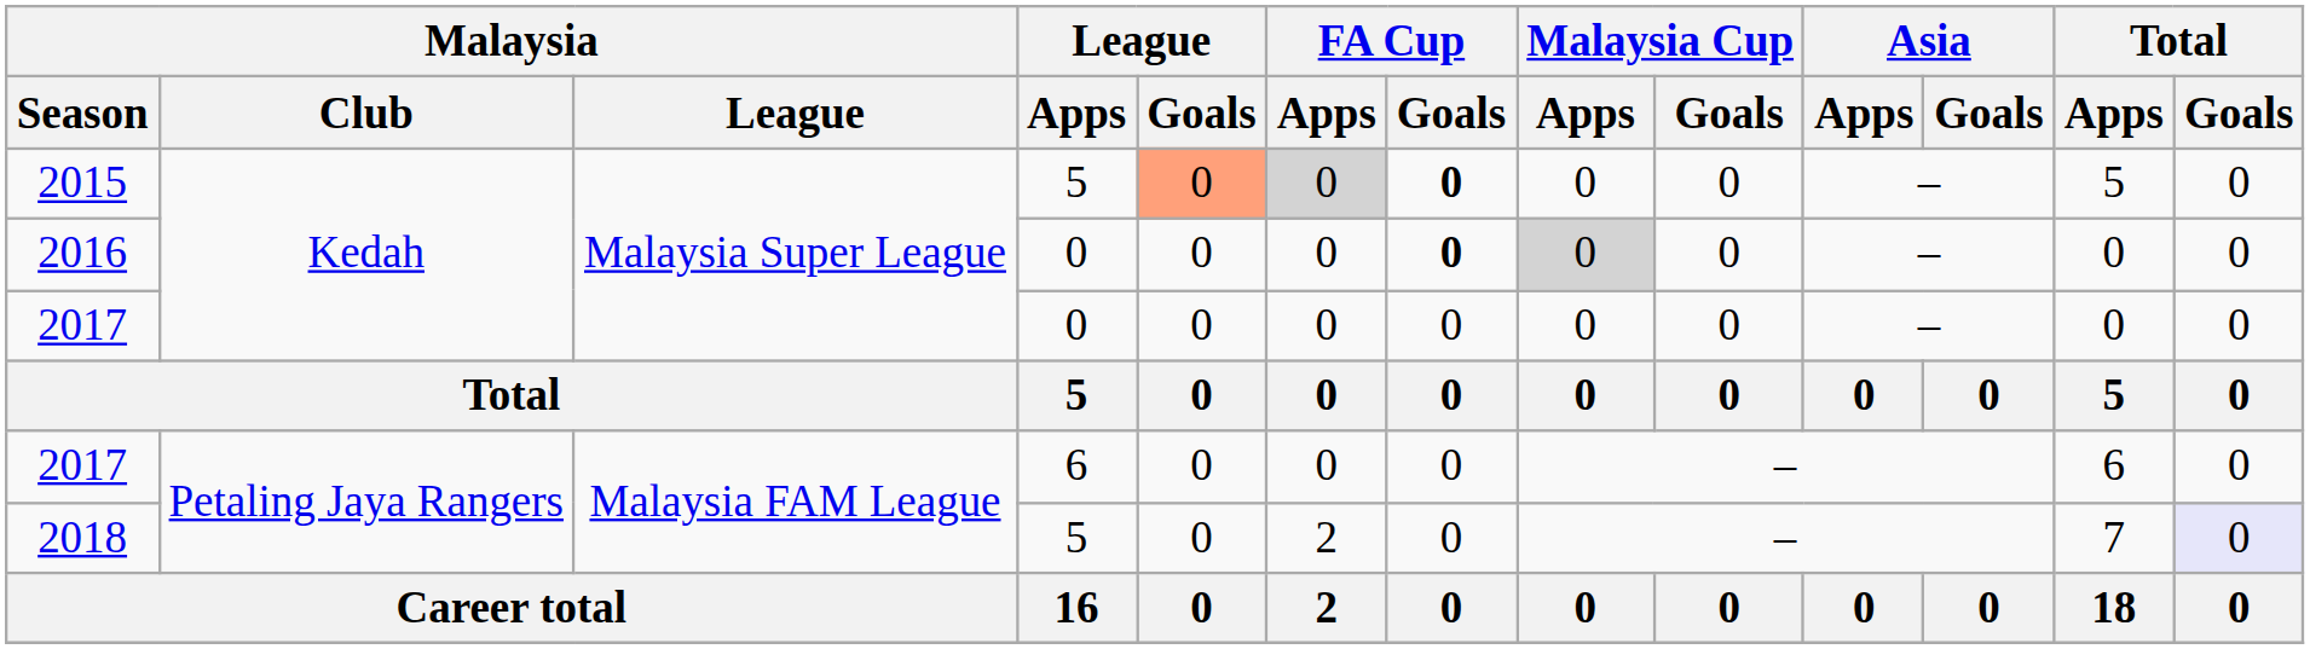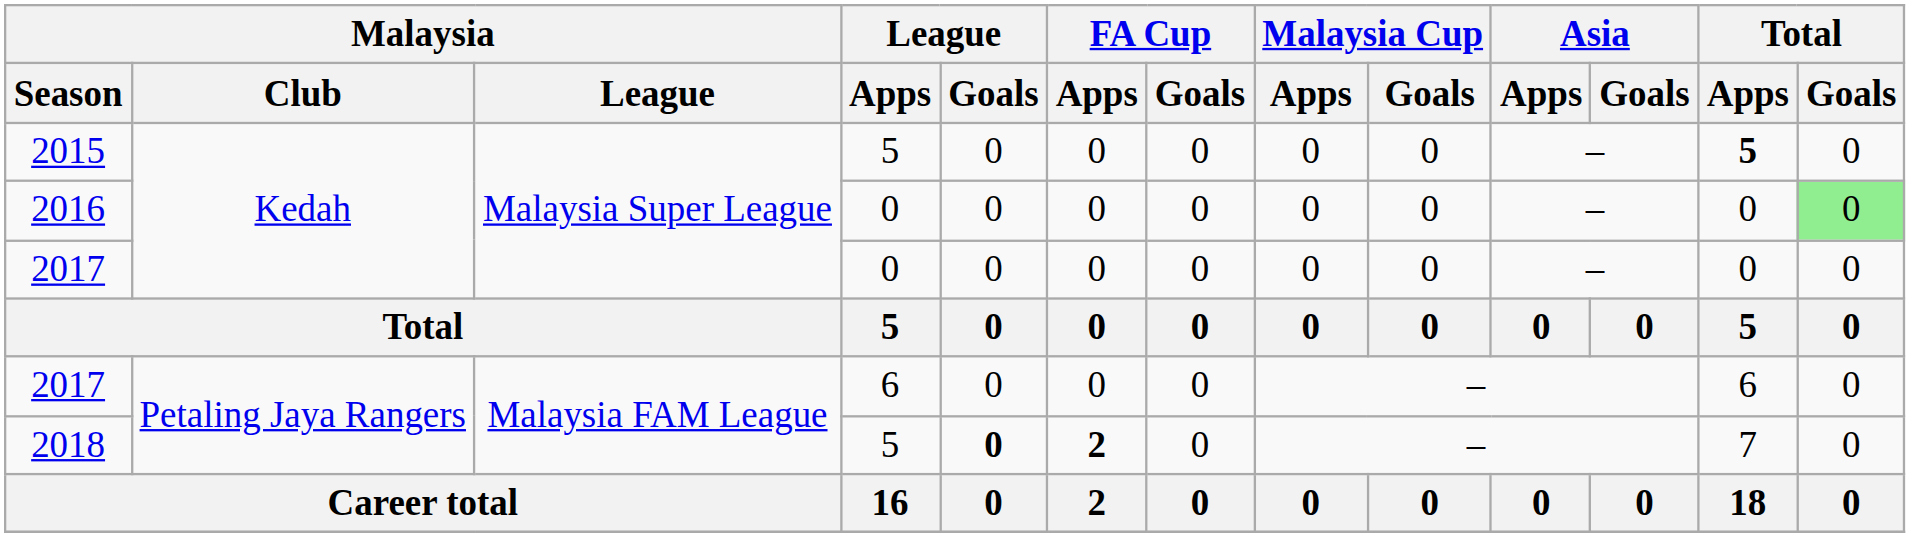 <table class=wikitable style="text-align: center;">
 <tr>
 <th colspan=3>Malaysia</th>
 <th colspan=2>League</th>
 <th colspan=2><a href='#'>FA Cup</a></th>
 <th colspan=2><a href='#'>Malaysia Cup</a></th>
 <th colspan=2><a href='#'>Asia</a></th>
 <th colspan=2>Total</th>
 </tr>
 <tr>
 <th>Season</th>
 <th>Club</th>
 <th>League</th>
 <th>Apps</th>
 <th>Goals</th>
 <th>Apps</th>
 <th>Goals</th>
 <th>Apps</th>
 <th>Goals</th>
 <th>Apps</th>
 <th>Goals</th>
 <th>Apps</th>
 <th>Goals</th>
 </tr>
 <tr>
 <td><a href='#'>2015</a></td>
 <td rowspan="3"><a href='#'>Kedah</a></td>
 <td rowspan="3"><a href='#'>Malaysia Super League</a></td>
 <td>5</td>
-<td style="background: lightsalmon;">0</td>
-<td style="background: lightgrey;">0</td>
-<td><strong>0</strong></td>
+<td>0</td>
+<td>0</td>
+<td>0</td>
 <td>0</td>
 <td>0</td>
 <td colspan="2">–</td>
-<td>5</td>
+<td><strong>5</strong></td>
 <td>0</td>
 </tr>
 <tr>
 <td><a href='#'>2016</a></td>
 <td>0</td>
 <td>0</td>
 <td>0</td>
-<td><strong>0</strong></td>
-<td style="background: lightgrey;">0</td>
+<td>0</td>
+<td>0</td>
 <td>0</td>
 <td colspan="2">–</td>
 <td>0</td>
-<td>0</td>
+<td style="background: lightgreen;">0</td>
 </tr>
 <tr>
 <td><a href='#'>2017</a></td>
 <td>0</td>
 <td>0</td>
 <td>0</td>
 <td>0</td>
 <td>0</td>
 <td>0</td>
 <td colspan="2">–</td>
 <td>0</td>
 <td>0</td>
 </tr>
 <tr>
 <th colspan=3>Total</th>
 <th>5</th>
 <th>0</th>
 <th>0</th>
 <th>0</th>
 <th>0</th>
 <th>0</th>
 <th>0</th>
 <th>0</th>
 <th>5</th>
 <th>0</th>
 </tr>
 <tr>
 <td><a href='#'>2017</a></td>
 <td rowspan="2"><a href='#'>Petaling Jaya Rangers</a></td>
 <td rowspan="2"><a href='#'>Malaysia FAM League</a></td>
 <td>6</td>
 <td>0</td>
 <td>0</td>
 <td>0</td>
 <td colspan="4">–</td>
 <td>6</td>
 <td>0</td>
 </tr>
 <tr>
 <td><a href='#'>2018</a></td>
 <td>5</td>
-<td>0</td>
-<td>2</td>
+<td><strong>0</strong></td>
+<td><strong>2</strong></td>
 <td>0</td>
 <td colspan="4">–</td>
 <td>7</td>
-<td style="background: lavender;">0</td>
+<td>0</td>
 </tr>
 <tr>
 <th colspan=3>Career total</th>
 <th>16</th>
 <th>0</th>
 <th>2</th>
 <th>0</th>
 <th>0</th>
 <th>0</th>
 <th>0</th>
 <th>0</th>
 <th>18</th>
 <th>0</th>
 </tr>
 <tr>
 </tr>
 </table>
